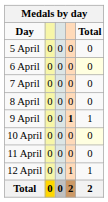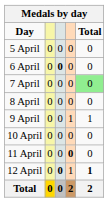 <table class="wikitable" style="font-size:85%;float:right;text-align:center">
 <tr>
 <th colspan=5><strong>Medals by day</strong></th>
 </tr>
 <tr align=center>
 <td><strong>Day</strong></td>
 <td bgcolor=#f7f6a8></td>
 <td bgcolor=#dce5e5></td>
 <td bgcolor=#ffdab9></td>
 <td><strong>Total</strong></td>
 </tr>
 <tr align=centre>
 <td>5 April</td>
 <td bgcolor=#f7f6a8>0</td>
 <td bgcolor=#dce5e5>0</td>
 <td bgcolor=#ffdab9>0</td>
 <td>0</td>
 </tr>
 <tr align=center>
 <td>6 April</td>
 <td bgcolor=#f7f6a8>0</td>
-<td bgcolor=#dce5e5>0</td>
+<td bgcolor=#dce5e5><strong>0</strong></td>
 <td bgcolor=#ffdab9>0</td>
-<td style="background: lightyellow;">0</td>
+<td>0</td>
 </tr>
 <tr align=center>
 <td>7 April</td>
 <td bgcolor=#f7f6a8>0</td>
 <td bgcolor=#dce5e5>0</td>
 <td bgcolor=#ffdab9>0</td>
-<td>0</td>
+<td style="background: lightgreen;">0</td>
 </tr>
 <tr align=center>
 <td>8 April</td>
 <td bgcolor=#f7f6a8>0</td>
 <td bgcolor=#dce5e5>0</td>
 <td bgcolor=#ffdab9>0</td>
 <td>0</td>
 </tr>
 <tr align=center>
 <td>9 April</td>
 <td bgcolor=#f7f6a8>0</td>
 <td bgcolor=#dce5e5>0</td>
-<td bgcolor=#ffdab9><strong>1</strong></td>
+<td bgcolor=#ffdab9>1</td>
 <td>1</td>
 </tr>
 <tr align=center>
 <td>10 April</td>
 <td bgcolor=#f7f6a8>0</td>
 <td bgcolor=#dce5e5>0</td>
 <td bgcolor=#ffdab9>0</td>
-<td style="background: lightyellow;">0</td>
+<td>0</td>
 </tr>
 <tr align=center>
 <td>11 April</td>
 <td bgcolor=#f7f6a8>0</td>
 <td bgcolor=#dce5e5>0</td>
-<td bgcolor=#ffdab9>0</td>
+<td bgcolor=#ffdab9><strong>0</strong></td>
 <td>0</td>
 </tr>
 <tr align=center>
 <td>12 April</td>
 <td bgcolor=#f7f6a8>0</td>
-<td bgcolor=#dce5e5>0</td>
+<td bgcolor=#dce5e5><strong>0</strong></td>
 <td bgcolor=#ffdab9>1</td>
-<td>1</td>
+<td><strong>1</strong></td>
 </tr>
 <tr align=center>
 <th bgcolor=#efefef><strong>Total</strong></th>
 <th style="background:gold;"><strong>0</strong></th>
 <th style="background:silver;"><strong>0</strong></th>
 <th style="background:#c96;"><strong>2</strong></th>
 <th><strong>2</strong></th>
 </tr>
 </table>
